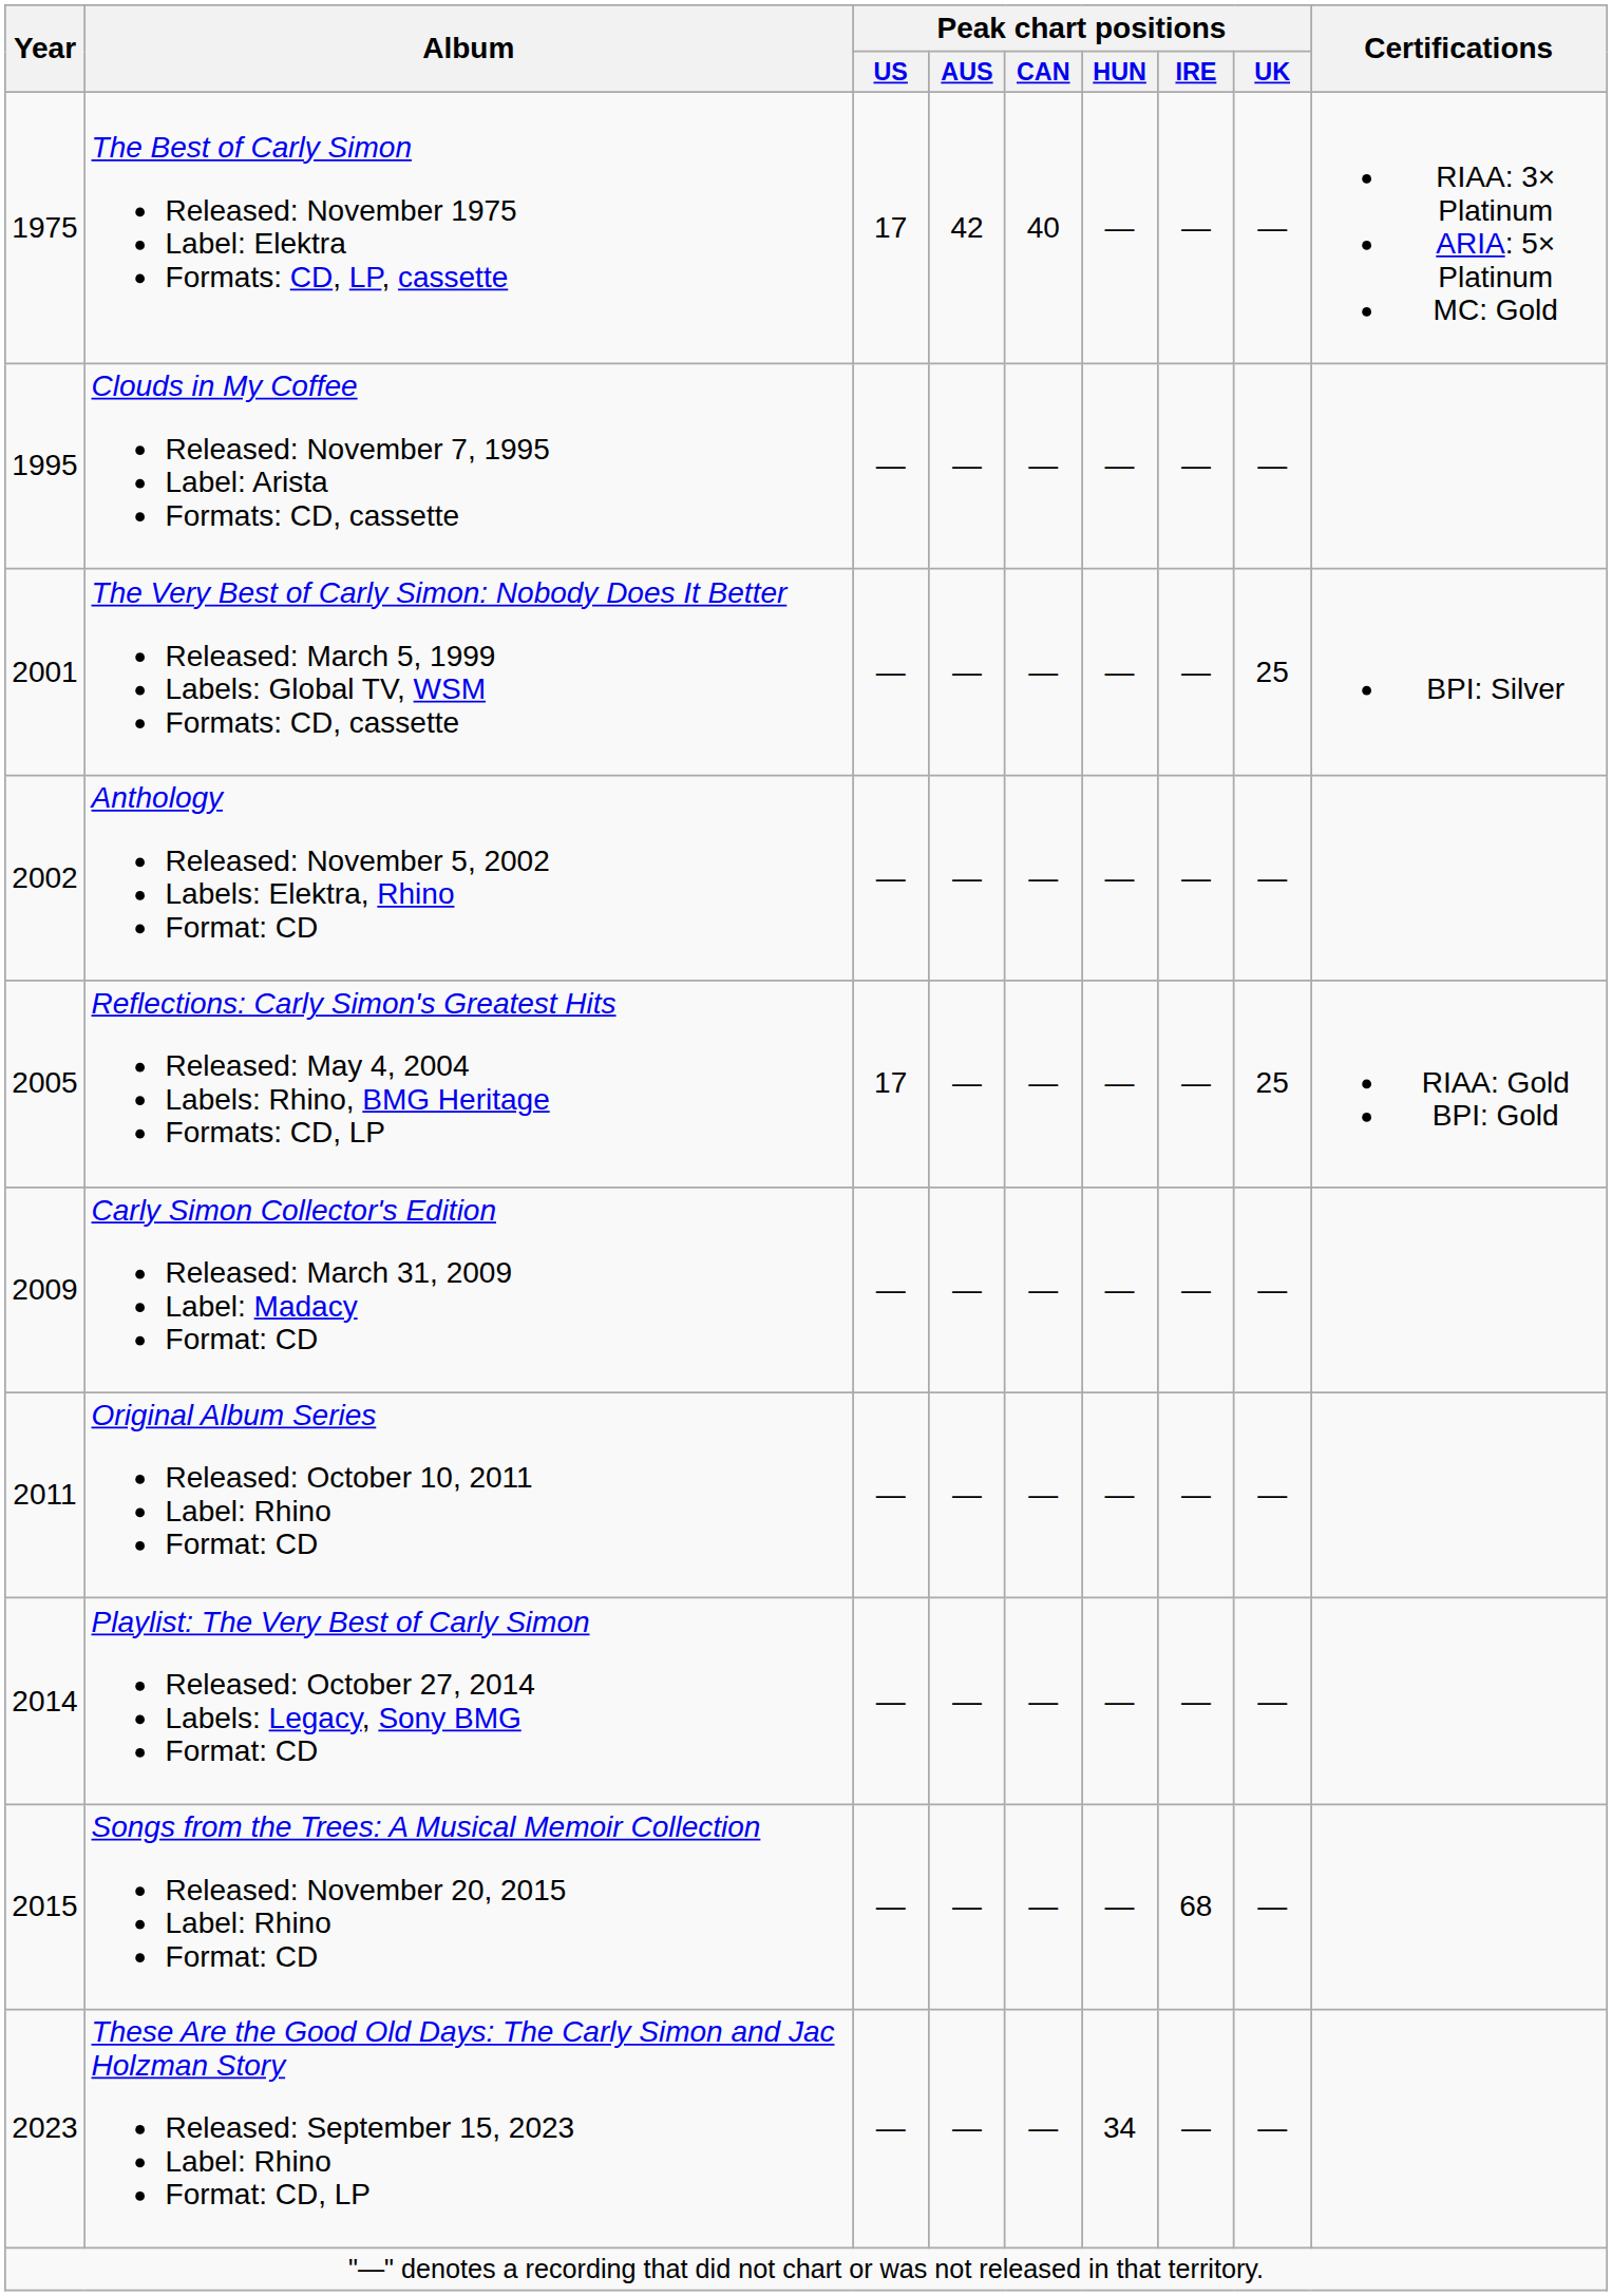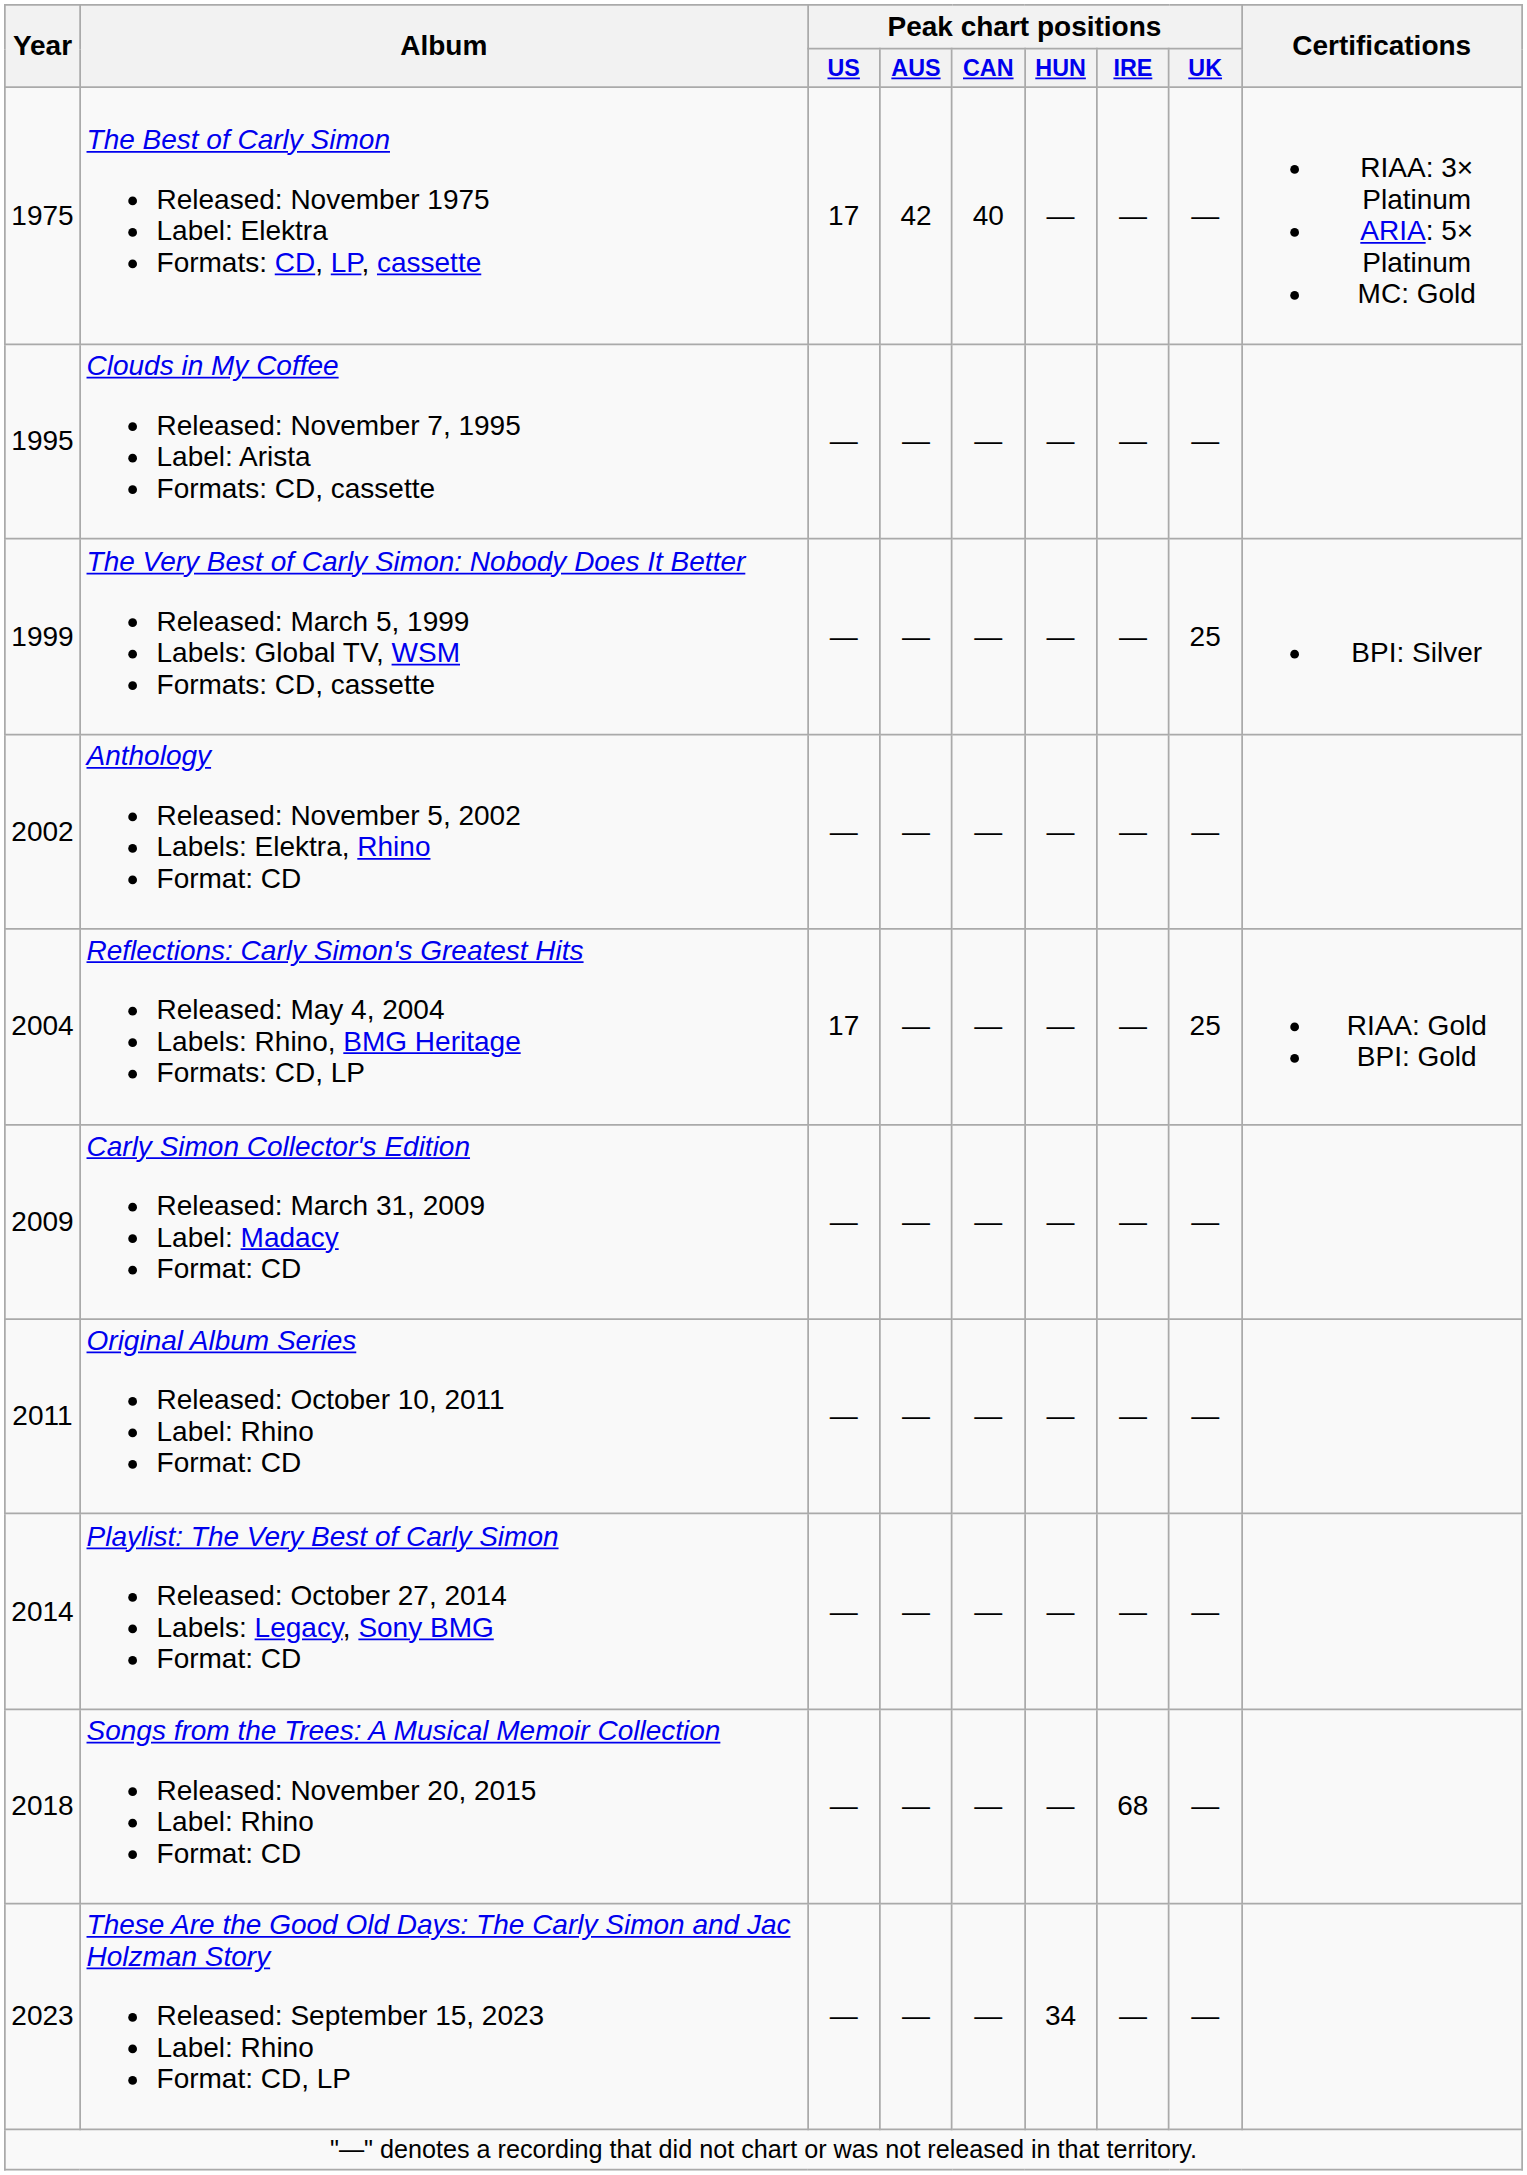 <table class="wikitable" style="text-align:center;">
 <tr>
 <th rowspan="2">Year</th>
 <th rowspan="2">Album</th>
 <th colspan="6">Peak chart positions</th>
 <th rowspan="2">Certifications</th>
 </tr>
 <tr style="font-size:smaller;">
 <th width="35"><a href='#'>US</a><br></th>
 <th width="35"><a href='#'>AUS</a><br></th>
 <th width="35"><a href='#'>CAN</a><br></th>
 <th width="35"><a href='#'>HUN</a><br></th>
 <th width="35"><a href='#'>IRE</a><br></th>
 <th width="35"><a href='#'>UK</a><br></th>
 </tr>
 <tr>
 <td>1975</td>
 <td align="left"><em><a href='#'>The Best of Carly Simon</a></em><br><ul><li>Released: November 1975</li><li>Label: Elektra</li><li>Formats: <a href='#'>CD</a>, <a href='#'>LP</a>, <a href='#'>cassette</a></li></ul></td>
 <td>17</td>
 <td>42</td>
 <td>40</td>
 <td>—</td>
 <td>—</td>
 <td>—</td>
 <td><br><ul><li>RIAA: 3× Platinum</li><li><a href='#'>ARIA</a>: 5× Platinum</li><li>MC: Gold</li></ul></td>
 </tr>
 <tr>
 <td>1995</td>
 <td align="left"><em><a href='#'>Clouds in My Coffee</a></em><br><ul><li>Released: November 7, 1995</li><li>Label: Arista</li><li>Formats: CD, cassette</li></ul></td>
 <td>—</td>
 <td>—</td>
 <td>—</td>
 <td>—</td>
 <td>—</td>
 <td>—</td>
 <td></td>
 </tr>
 <tr>
-<td>2001</td>
+<td>1999</td>
 <td align="left"><em><a href='#'>The Very Best of Carly Simon: Nobody Does It Better</a></em><br><ul><li>Released: March 5, 1999</li><li>Labels: Global TV, <a href='#'>WSM</a></li><li>Formats: CD, cassette</li></ul></td>
 <td>—</td>
 <td>—</td>
 <td>—</td>
 <td>—</td>
 <td>—</td>
 <td>25</td>
 <td><br><ul><li>BPI: Silver</li></ul></td>
 </tr>
 <tr>
 <td>2002</td>
 <td align="left"><em><a href='#'>Anthology</a></em><br><ul><li>Released: November 5, 2002</li><li>Labels: Elektra, <a href='#'>Rhino</a></li><li>Format: CD</li></ul></td>
 <td>—</td>
 <td>—</td>
 <td>—</td>
 <td>—</td>
 <td>—</td>
 <td>—</td>
 <td></td>
 </tr>
 <tr>
-<td>2005</td>
+<td>2004</td>
 <td align="left"><em><a href='#'>Reflections: Carly Simon's Greatest Hits</a></em><br><ul><li>Released: May 4, 2004</li><li>Labels: Rhino, <a href='#'>BMG Heritage</a></li><li>Formats: CD, LP</li></ul></td>
 <td>17</td>
 <td>—</td>
 <td>—</td>
 <td>—</td>
 <td>—</td>
 <td>25</td>
 <td><br><ul><li>RIAA: Gold</li><li>BPI: Gold</li></ul></td>
 </tr>
 <tr>
 <td>2009</td>
 <td align="left"><em><a href='#'>Carly Simon Collector's Edition</a></em><br><ul><li>Released: March 31, 2009</li><li>Label: <a href='#'>Madacy</a></li><li>Format: CD</li></ul></td>
 <td>—</td>
 <td>—</td>
 <td>—</td>
 <td>—</td>
 <td>—</td>
 <td>—</td>
 <td></td>
 </tr>
 <tr>
 <td>2011</td>
 <td align="left"><em><a href='#'>Original Album Series</a></em><br><ul><li>Released: October 10, 2011</li><li>Label: Rhino</li><li>Format: CD</li></ul></td>
 <td>—</td>
 <td>—</td>
 <td>—</td>
 <td>—</td>
 <td>—</td>
 <td>—</td>
 <td></td>
 </tr>
 <tr>
 <td>2014</td>
 <td align="left"><em><a href='#'>Playlist: The Very Best of Carly Simon</a></em><br><ul><li>Released: October 27, 2014</li><li>Labels: <a href='#'>Legacy</a>, <a href='#'>Sony BMG</a></li><li>Format: CD</li></ul></td>
 <td>—</td>
 <td>—</td>
 <td>—</td>
 <td>—</td>
 <td>—</td>
 <td>—</td>
 <td></td>
 </tr>
 <tr>
-<td>2015</td>
+<td>2018</td>
 <td align="left"><em><a href='#'>Songs from the Trees: A Musical Memoir Collection</a></em><br><ul><li>Released: November 20, 2015</li><li>Label: Rhino</li><li>Format: CD</li></ul></td>
 <td>—</td>
 <td>—</td>
 <td>—</td>
 <td>—</td>
 <td>68</td>
 <td>—</td>
 <td></td>
 </tr>
 <tr>
 <td>2023</td>
 <td align="left"><em><a href='#'>These Are the Good Old Days: The Carly Simon and Jac Holzman Story</a></em><br><ul><li>Released: September 15, 2023</li><li>Label: Rhino</li><li>Format: CD, LP</li></ul></td>
 <td>—</td>
 <td>—</td>
 <td>—</td>
 <td>34</td>
 <td>—</td>
 <td>—</td>
 <td></td>
 </tr>
 <tr>
 <td colspan="15" style="font-size:90%">"—" denotes a recording that did not chart or was not released in that territory.</td>
 </tr>
 </table>
